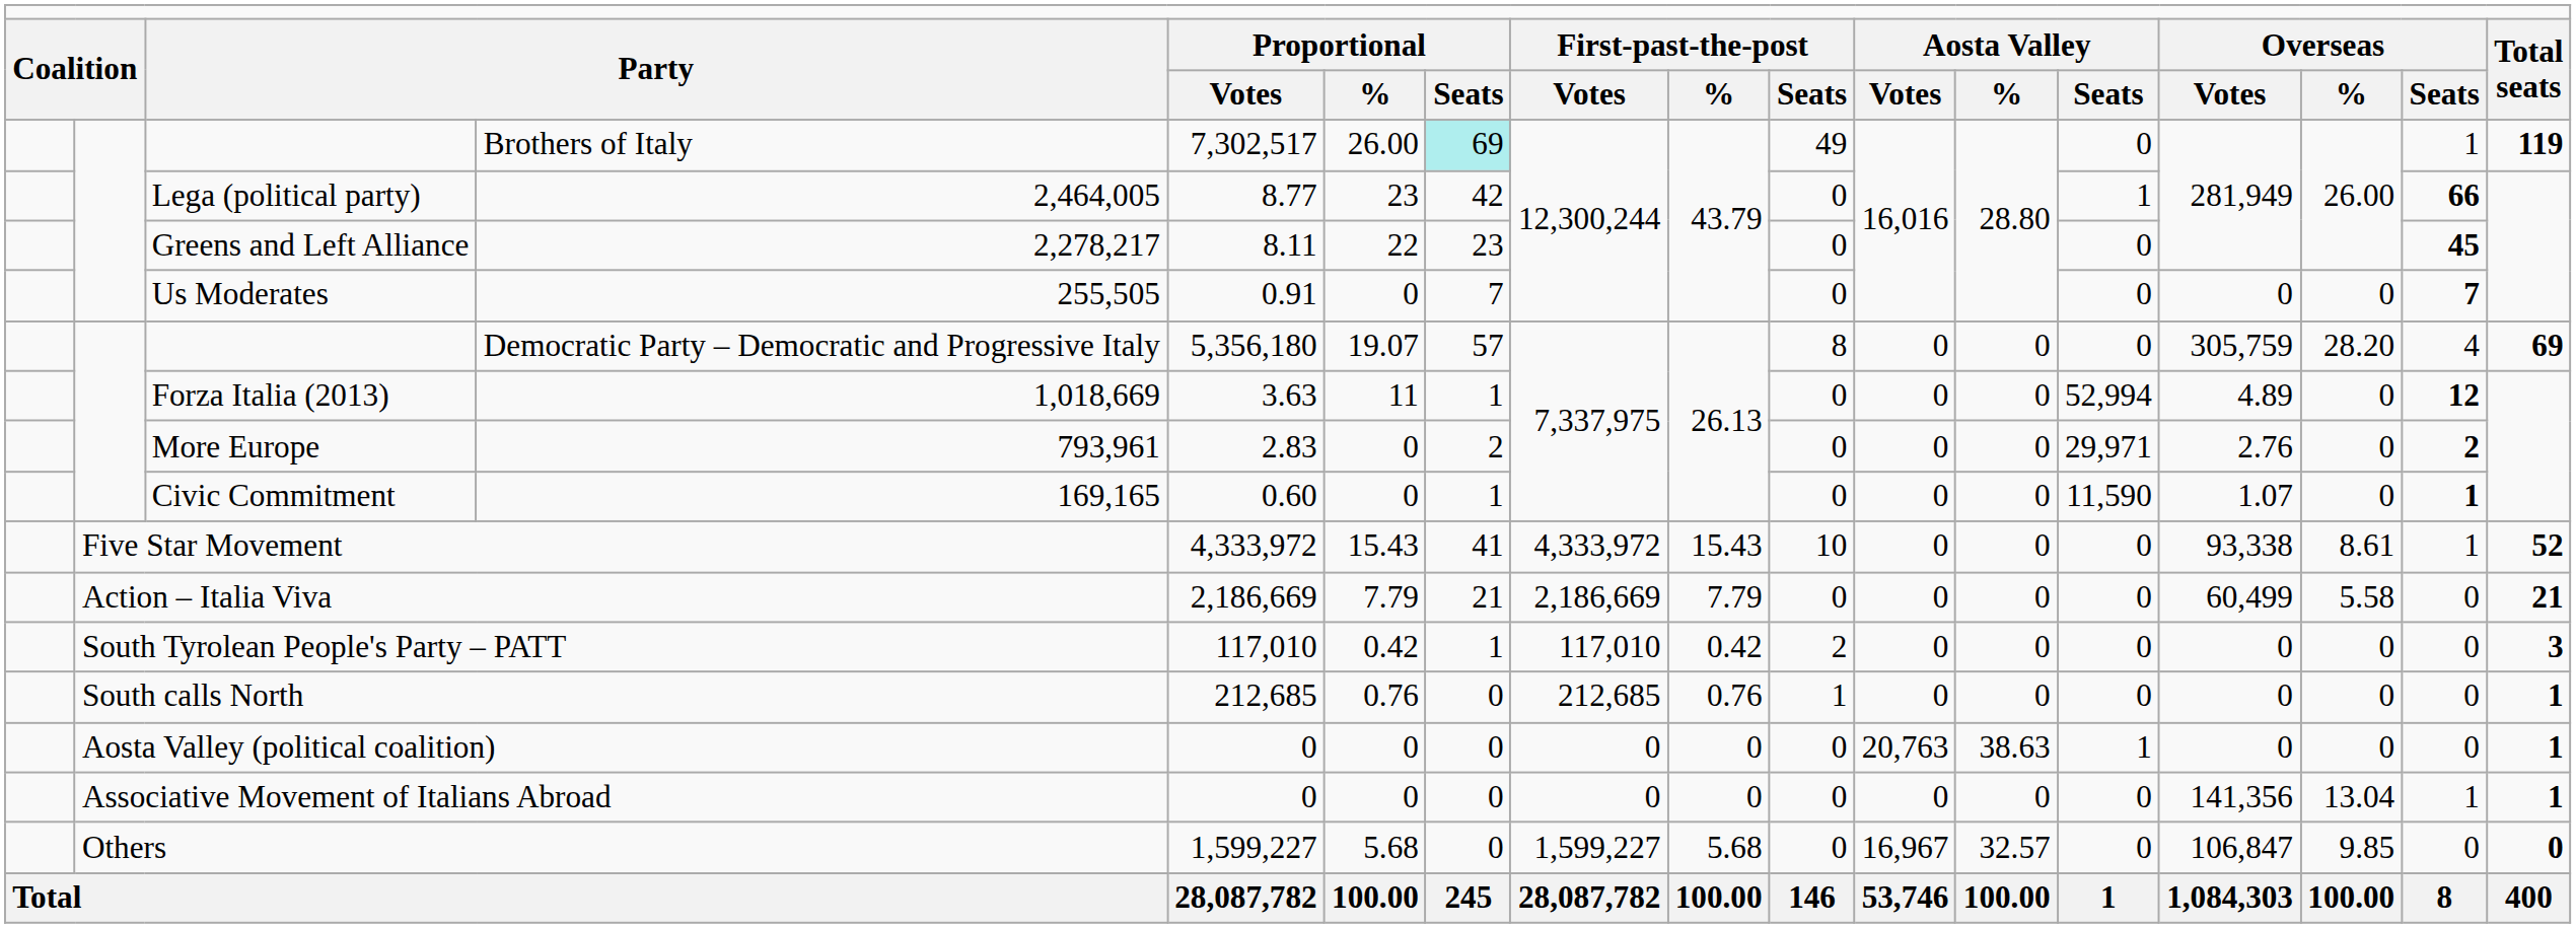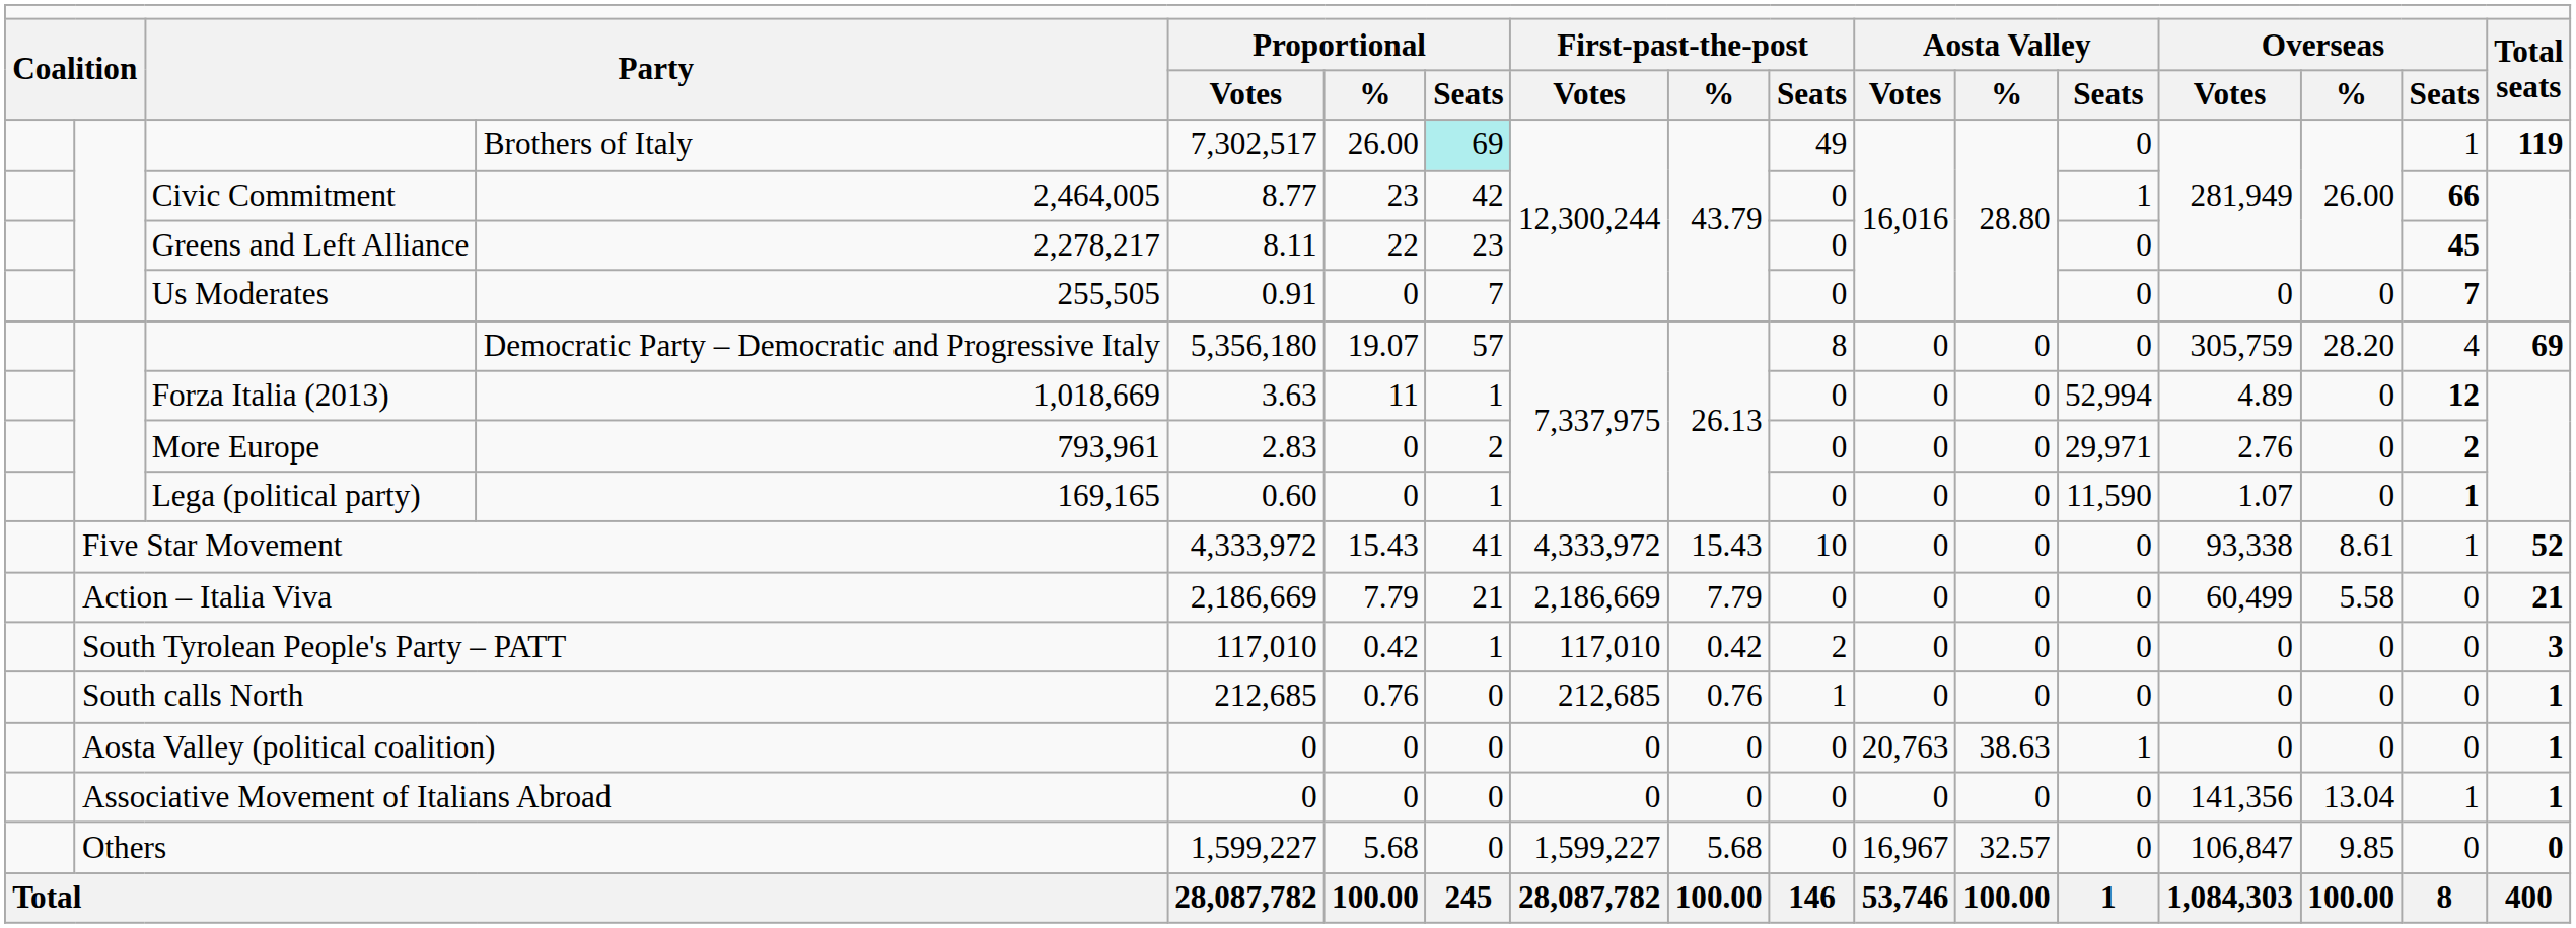 <table class="wikitable" style="text-align:right">
 <tr>
 <td colspan="17" style="text-align:center"></td>
 </tr>
 <tr>
 <th colspan="2" rowspan="2">Coalition</th>
 <th colspan=2 rowspan=2>Party</th>
 <th colspan="3" style="text-align:center; vertical-align:top;">Proportional</th>
 <th colspan="3" style="text-align:center; vertical-align:top;">First-past-the-post</th>
 <th colspan="3" style="text-align:center; vertical-align:top;">Aosta Valley</th>
 <th colspan="3" style="text-align:center; vertical-align:top;">Overseas</th>
 <th style="text-align:center;" rowspan="2">Total<br>seats</th>
 </tr>
 <tr>
 <th style="text-align:center; vertical-align:bottom;">Votes</th>
 <th style="text-align:center; vertical-align:bottom;">%</th>
 <th style="text-align:center; vertical-align:bottom;">Seats</th>
 <th style="text-align:center; vertical-align:bottom;">Votes</th>
 <th style="text-align:center; vertical-align:bottom;">%</th>
 <th style="text-align:center; vertical-align:bottom;">Seats</th>
 <th style="text-align:center; vertical-align:bottom;">Votes</th>
 <th style="text-align:center; vertical-align:bottom;">%</th>
 <th style="text-align:center; vertical-align:bottom;">Seats</th>
 <th style="text-align:center; vertical-align:bottom;">Votes</th>
 <th style="text-align:center; vertical-align:bottom;">%</th>
 <th style="text-align:center; vertical-align:bottom;">Seats</th>
 </tr>
 <tr>
 <td style="color:inherit;background:"></td>
 <td style="text-align:left;" rowspan="4"></td>
 <td style="color:inherit;background:"></td>
 <td align=left>Brothers of Italy</td>
 <td>7,302,517</td>
 <td>26.00</td>
 <td style="background: paleturquoise;">69</td>
 <td rowspan="4">12,300,244</td>
 <td rowspan="4">43.79</td>
 <td>49</td>
 <td rowspan="4">16,016</td>
 <td rowspan="4">28.80</td>
 <td>0</td>
 <td rowspan="3">281,949</td>
 <td rowspan="3">26.00</td>
 <td>1</td>
 <td><strong>119</strong></td>
 </tr>
 <tr>
 <td style="color:inherit;background:"></td>
-<td align=left>Lega (political party)</td>
+<td style="text-align:left;">Civic Commitment</td>
 <td>2,464,005</td>
 <td>8.77</td>
 <td>23</td>
 <td>42</td>
 <td>0</td>
 <td>1</td>
 <td><strong>66</strong></td>
 </tr>
 <tr>
 <td style="color:inherit;background:"></td>
 <td style="text-align:left;">Greens and Left Alliance</td>
 <td>2,278,217</td>
 <td>8.11</td>
 <td>22</td>
 <td>23</td>
 <td>0</td>
 <td>0</td>
 <td><strong>45</strong></td>
 </tr>
 <tr>
 <td style="color:inherit;background:"></td>
 <td align=left>Us Moderates</td>
 <td>255,505</td>
 <td>0.91</td>
 <td>0</td>
 <td>7</td>
 <td>0</td>
 <td>0</td>
 <td>0</td>
 <td>0</td>
 <td><strong>7</strong></td>
 </tr>
 <tr>
 <td style="color:inherit;background:"></td>
 <td rowspan=4 style="text-align:left;"></td>
 <td style="color:inherit;background:"></td>
 <td style="text-align:left;">Democratic Party – Democratic and Progressive Italy</td>
 <td>5,356,180</td>
 <td>19.07</td>
 <td>57</td>
 <td rowspan="4">7,337,975</td>
 <td rowspan="4">26.13</td>
 <td>8</td>
 <td>0</td>
 <td>0</td>
 <td>0</td>
 <td>305,759</td>
 <td>28.20</td>
 <td>4</td>
 <td><strong>69</strong></td>
 </tr>
 <tr>
 <td style="color:inherit;background:"></td>
 <td align=left>Forza Italia (2013)</td>
 <td>1,018,669</td>
 <td>3.63</td>
 <td>11</td>
 <td>1</td>
 <td>0</td>
 <td>0</td>
 <td>0</td>
 <td>52,994</td>
 <td>4.89</td>
 <td>0</td>
 <td><strong>12</strong></td>
 </tr>
 <tr>
 <td style="color:inherit;background:"></td>
 <td style="text-align:left;">More Europe</td>
 <td>793,961</td>
 <td>2.83</td>
 <td>0</td>
 <td>2</td>
 <td>0</td>
 <td>0</td>
 <td>0</td>
 <td>29,971</td>
 <td>2.76</td>
 <td>0</td>
 <td><strong>2</strong></td>
 </tr>
 <tr>
 <td style="color:inherit;background:"></td>
-<td style="text-align:left;">Civic Commitment</td>
+<td align=left>Lega (political party)</td>
 <td>169,165</td>
 <td>0.60</td>
 <td>0</td>
 <td>1</td>
 <td>0</td>
 <td>0</td>
 <td>0</td>
 <td>11,590</td>
 <td>1.07</td>
 <td>0</td>
 <td><strong>1</strong></td>
 </tr>
 <tr>
 <td style="color:inherit;background:"></td>
 <td colspan="3" style="text-align:left;">Five Star Movement</td>
 <td>4,333,972</td>
 <td>15.43</td>
 <td>41</td>
 <td>4,333,972</td>
 <td>15.43</td>
 <td>10</td>
 <td>0</td>
 <td>0</td>
 <td>0</td>
 <td>93,338</td>
 <td>8.61</td>
 <td>1</td>
 <td><strong>52</strong></td>
 </tr>
 <tr>
 <td style="color:inherit;background:"></td>
 <td colspan="3" style="text-align:left;">Action – Italia Viva</td>
 <td>2,186,669</td>
 <td>7.79</td>
 <td>21</td>
 <td>2,186,669</td>
 <td>7.79</td>
 <td>0</td>
 <td>0</td>
 <td>0</td>
 <td>0</td>
 <td>60,499</td>
 <td>5.58</td>
 <td>0</td>
 <td><strong>21</strong></td>
 </tr>
 <tr>
 <td style="color:inherit;background:"></td>
 <td colspan="3" style="text-align:left;">South Tyrolean People's Party – PATT</td>
 <td>117,010</td>
 <td>0.42</td>
 <td>1</td>
 <td>117,010</td>
 <td>0.42</td>
 <td>2</td>
 <td>0</td>
 <td>0</td>
 <td>0</td>
 <td>0</td>
 <td>0</td>
 <td>0</td>
 <td><strong>3</strong></td>
 </tr>
 <tr>
 <td style="color:inherit;background:"></td>
 <td colspan="3" style="text-align:left;">South calls North</td>
 <td>212,685</td>
 <td>0.76</td>
 <td>0</td>
 <td>212,685</td>
 <td>0.76</td>
 <td>1</td>
 <td>0</td>
 <td>0</td>
 <td>0</td>
 <td>0</td>
 <td>0</td>
 <td>0</td>
 <td><strong>1</strong></td>
 </tr>
 <tr>
 <td style="color:inherit;background:"></td>
 <td colspan="3" style="text-align:left;">Aosta Valley (political coalition)</td>
 <td>0</td>
 <td>0</td>
 <td>0</td>
 <td>0</td>
 <td>0</td>
 <td>0</td>
 <td>20,763</td>
 <td>38.63</td>
 <td>1</td>
 <td>0</td>
 <td>0</td>
 <td>0</td>
 <td><strong>1</strong></td>
 </tr>
 <tr>
 <td style="color:inherit;background:"></td>
 <td colspan="3" style="text-align:left;">Associative Movement of Italians Abroad</td>
 <td>0</td>
 <td>0</td>
 <td>0</td>
 <td>0</td>
 <td>0</td>
 <td>0</td>
 <td>0</td>
 <td>0</td>
 <td>0</td>
 <td>141,356</td>
 <td>13.04</td>
 <td>1</td>
 <td><strong>1</strong></td>
 </tr>
 <tr>
 <td style="color:inherit;background:"></td>
 <td colspan="3" style="text-align:left;">Others</td>
 <td>1,599,227</td>
 <td>5.68</td>
 <td>0</td>
 <td>1,599,227</td>
 <td>5.68</td>
 <td>0</td>
 <td>16,967</td>
 <td>32.57</td>
 <td>0</td>
 <td>106,847</td>
 <td>9.85</td>
 <td>0</td>
 <td><strong>0</strong></td>
 </tr>
 <tr>
 <th colspan="4" style="text-align:left;">Total</th>
 <th>28,087,782</th>
 <th>100.00</th>
 <th>245</th>
 <th>28,087,782</th>
 <th>100.00</th>
 <th>146</th>
 <th>53,746</th>
 <th>100.00</th>
 <th>1</th>
 <th>1,084,303</th>
 <th>100.00</th>
 <th>8</th>
 <th>400</th>
 </tr>
 </table>
